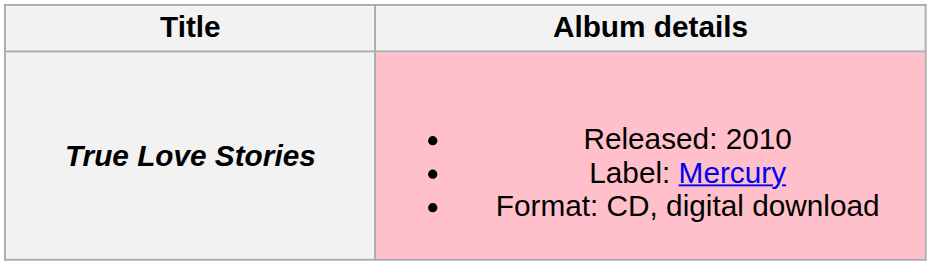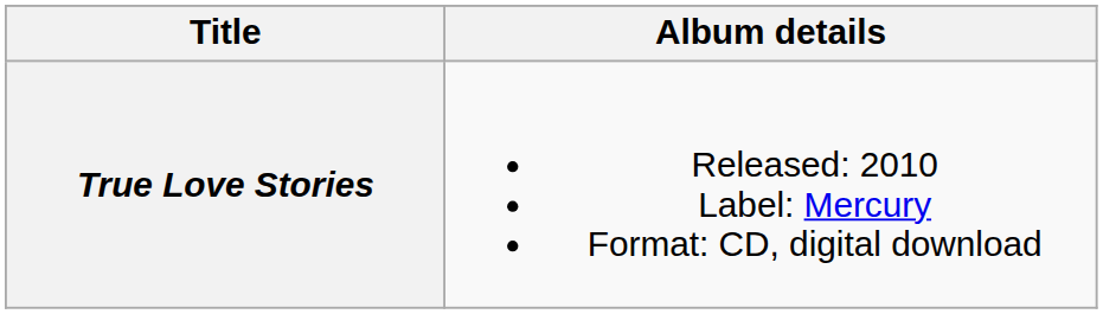 <table class="wikitable plainrowheaders" style="text-align:center;" border="1">
 <tr>
 <th scope="col" rowspan="1" style="width:12em;">Title</th>
 <th scope="col" rowspan="1" style="width:18em;">Album details</th>
 </tr>
 <tr>
 <th scope="row"><em>True Love Stories</em></th>
-<td style="background: pink;"><br><ul><li>Released: 2010</li><li>Label: <a href='#'>Mercury</a></li><li>Format: CD, digital download</li></ul></td>
+<td><br><ul><li>Released: 2010</li><li>Label: <a href='#'>Mercury</a></li><li>Format: CD, digital download</li></ul></td>
 </tr>
 </table>
